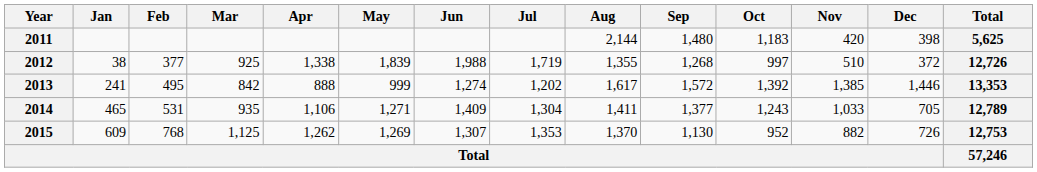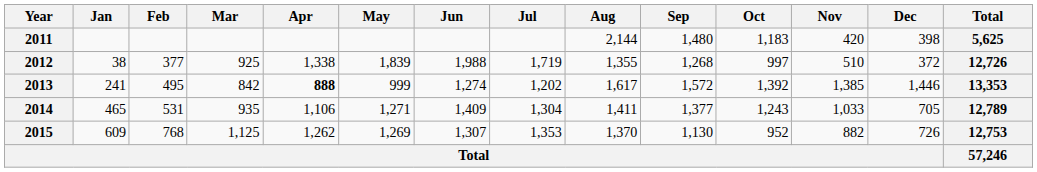 <table class=wikitable style="text-align:right; font-size:0.9em; width:1050px;">
 <tr>
 <th>Year</th>
 <th>Jan</th>
 <th>Feb</th>
 <th>Mar</th>
 <th>Apr</th>
 <th>May</th>
 <th>Jun</th>
 <th>Jul</th>
 <th>Aug</th>
 <th>Sep</th>
 <th>Oct</th>
 <th>Nov</th>
 <th>Dec</th>
 <th>Total</th>
 </tr>
 <tr>
 <th>2011</th>
 <td></td>
 <td></td>
 <td></td>
 <td></td>
 <td></td>
 <td></td>
 <td></td>
 <td>2,144</td>
 <td>1,480</td>
 <td>1,183</td>
 <td>420</td>
 <td>398</td>
 <th>5,625</th>
 </tr>
 <tr>
 <th>2012</th>
 <td>38</td>
 <td>377</td>
 <td>925</td>
 <td>1,338</td>
 <td>1,839</td>
 <td>1,988</td>
 <td>1,719</td>
 <td>1,355</td>
 <td>1,268</td>
 <td>997</td>
 <td>510</td>
 <td>372</td>
 <th>12,726</th>
 </tr>
 <tr>
 <th>2013</th>
 <td>241</td>
 <td>495</td>
 <td>842</td>
-<td>888</td>
+<td><strong>888</strong></td>
 <td>999</td>
 <td>1,274</td>
 <td>1,202</td>
 <td>1,617</td>
 <td>1,572</td>
 <td>1,392</td>
 <td>1,385</td>
 <td>1,446</td>
 <th>13,353</th>
 </tr>
 <tr>
 <th>2014</th>
 <td>465</td>
 <td>531</td>
 <td>935</td>
 <td>1,106</td>
 <td>1,271</td>
 <td>1,409</td>
 <td>1,304</td>
 <td>1,411</td>
 <td>1,377</td>
 <td>1,243</td>
 <td>1,033</td>
 <td>705</td>
 <th>12,789</th>
 </tr>
 <tr>
 <th>2015</th>
 <td>609</td>
 <td>768</td>
 <td>1,125</td>
 <td>1,262</td>
 <td>1,269</td>
 <td>1,307</td>
 <td>1,353</td>
 <td>1,370</td>
 <td>1,130</td>
 <td>952</td>
 <td>882</td>
 <td>726</td>
 <th>12,753</th>
 </tr>
 <tr>
 <th colspan=13>Total</th>
 <th>57,246</th>
 </tr>
 </table>
